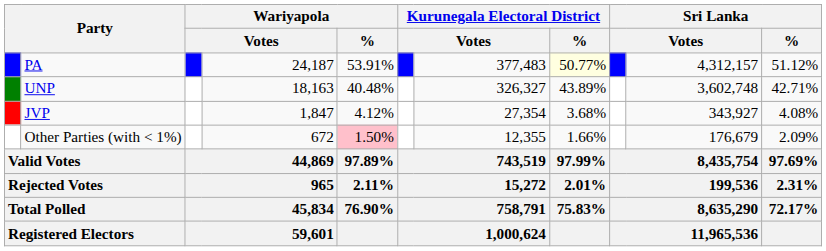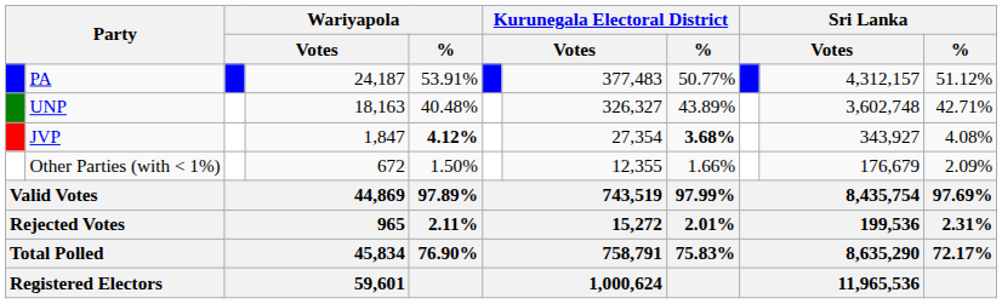 <table class="wikitable">
 <tr>
 <th colspan="2" width="144px"rowspan="2">Party</th>
 <th colspan="3" width="216px">Wariyapola</th>
 <th colspan="3" width="216px"><a href='#'>Kurunegala Electoral District</a></th>
 <th colspan="3" width="216px">Sri Lanka</th>
 </tr>
 <tr>
 <th colspan="2" width="144px">Votes</th>
 <th>%</th>
 <th colspan="2" width="144px">Votes</th>
 <th>%</th>
 <th colspan="2" width="144px">Votes</th>
 <th>%</th>
 </tr>
 <tr>
 <td style="background-color:blue;" width="10px"></td>
 <td style="text-align:left;"><a href='#'>PA</a></td>
 <td style="background-color:blue;" width="10px"></td>
 <td style="text-align:right;">24,187</td>
 <td style="text-align:right;">53.91%</td>
 <td style="background-color:blue;" width="10px"></td>
 <td style="text-align:right;">377,483</td>
-<td style="background: lightyellow; text-align:right;">50.77%</td>
+<td style="text-align:right;">50.77%</td>
 <td style="background-color:blue;" width="10px"></td>
 <td style="text-align:right;">4,312,157</td>
 <td style="text-align:right;">51.12%</td>
 </tr>
 <tr>
 <td style="background-color:green;" width="10px"></td>
 <td style="text-align:left;"><a href='#'>UNP</a></td>
 <td style="background-color:white;" width="10px"></td>
 <td style="text-align:right;">18,163</td>
 <td style="text-align:right;">40.48%</td>
 <td style="background-color:white;" width="10px"></td>
 <td style="text-align:right;">326,327</td>
 <td style="text-align:right;">43.89%</td>
 <td style="background-color:white;" width="10px"></td>
 <td style="text-align:right;">3,602,748</td>
 <td style="text-align:right;">42.71%</td>
 </tr>
 <tr>
 <td style="background-color:red;" width="10px"></td>
 <td style="text-align:left;"><a href='#'>JVP</a></td>
 <td style="background-color:white;" width="10px"></td>
 <td style="text-align:right;">1,847</td>
-<td style="text-align:right;">4.12%</td>
+<td style="text-align:right;"><strong>4.12%</strong></td>
 <td style="background-color:white;" width="10px"></td>
 <td style="text-align:right;">27,354</td>
-<td style="text-align:right;">3.68%</td>
+<td style="text-align:right;"><strong>3.68%</strong></td>
 <td style="background-color:white;" width="10px"></td>
 <td style="text-align:right;">343,927</td>
 <td style="text-align:right;">4.08%</td>
 </tr>
 <tr>
 <td style="background-color:white;" width="10px"></td>
 <td style="text-align:left;">Other Parties (with < 1%)</td>
 <td style="background-color:white;" width="10px"></td>
 <td style="text-align:right;">672</td>
-<td style="background: pink; text-align:right;">1.50%</td>
+<td style="text-align:right;">1.50%</td>
 <td style="background-color:white;" width="10px"></td>
 <td style="text-align:right;">12,355</td>
 <td style="text-align:right;">1.66%</td>
 <td style="background-color:white;" width="10px"></td>
 <td style="text-align:right;">176,679</td>
 <td style="text-align:right;">2.09%</td>
 </tr>
 <tr>
 <th colspan="2" width="144px"style="text-align:left;">Valid Votes</th>
 <th style="text-align:right;"colspan="2" width="144px">44,869</th>
 <th style="text-align:right;">97.89%</th>
 <th style="text-align:right;"colspan="2" width="144px">743,519</th>
 <th style="text-align:right;">97.99%</th>
 <th style="text-align:right;"colspan="2" width="144px">8,435,754</th>
 <th style="text-align:right;">97.69%</th>
 </tr>
 <tr>
 <th colspan="2" width="144px"style="text-align:left;">Rejected Votes</th>
 <th style="text-align:right;"colspan="2" width="144px">965</th>
 <th style="text-align:right;">2.11%</th>
 <th style="text-align:right;"colspan="2" width="144px">15,272</th>
 <th style="text-align:right;">2.01%</th>
 <th style="text-align:right;"colspan="2" width="144px">199,536</th>
 <th style="text-align:right;">2.31%</th>
 </tr>
 <tr>
 <th colspan="2" width="144px"style="text-align:left;">Total Polled</th>
 <th style="text-align:right;"colspan="2" width="144px">45,834</th>
 <th style="text-align:right;">76.90%</th>
 <th style="text-align:right;"colspan="2" width="144px">758,791</th>
 <th style="text-align:right;">75.83%</th>
 <th style="text-align:right;"colspan="2" width="144px">8,635,290</th>
 <th style="text-align:right;">72.17%</th>
 </tr>
 <tr>
 <th colspan="2" width="144px"style="text-align:left;">Registered Electors</th>
 <th style="text-align:right;"colspan="2" width="144px">59,601</th>
 <th></th>
 <th style="text-align:right;"colspan="2" width="144px">1,000,624</th>
 <th></th>
 <th style="text-align:right;"colspan="2" width="144px">11,965,536</th>
 <th></th>
 </tr>
 </table>
